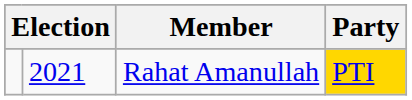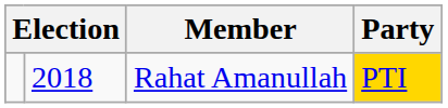 <table class="wikitable">
 <tr>
 <th colspan="2">Election</th>
 <th>Member</th>
 <th>Party</th>
 </tr>
 <tr>
 <td style="background-color: "></td>
-<td><a href='#'>2021</a></td>
+<td><a href='#'>2018</a></td>
 <td><a href='#'>Rahat Amanullah</a></td>
 <td style="background: gold;"><a href='#'>PTI</a></td>
 </tr>
 </table>
